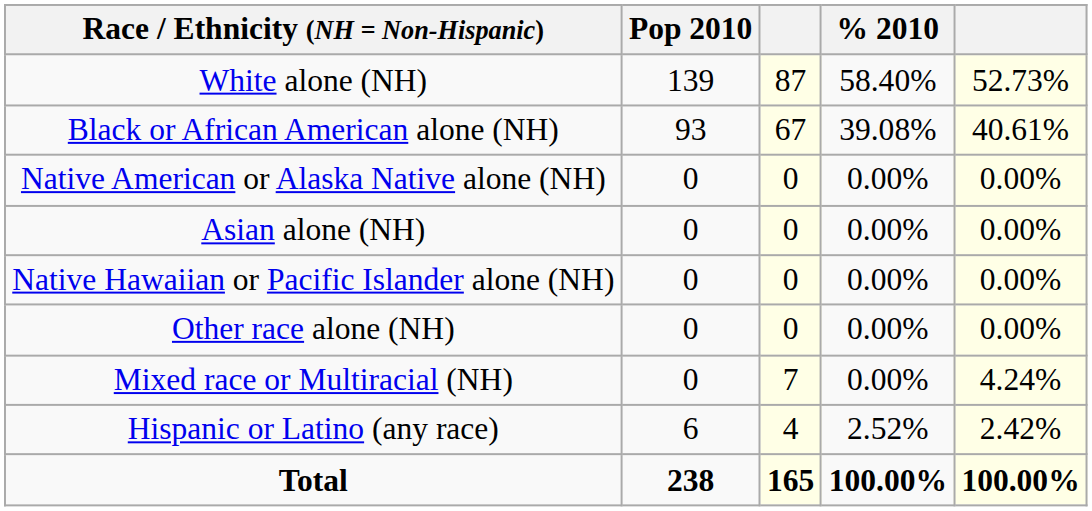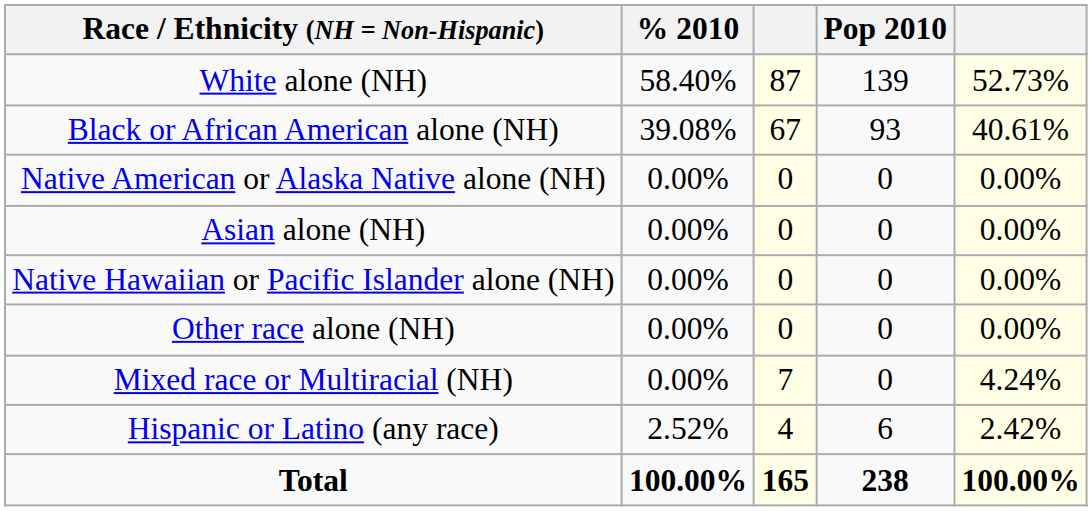 <table class="wikitable" style="text-align:center;">
 <tr>
 <th>Race / Ethnicity <small>(<em>NH = Non-Hispanic</em>)</small></th>
+<th>% 2010</th>
+<th></th>
 <th>Pop 2010</th>
-<th></th>
-<th>% 2010</th>
 <th></th>
 </tr>
 <tr>
 <td><a href='#'>White</a> alone (NH)</td>
+<td>58.40%</td>
+<td style='background: #ffffe6;'>87</td>
 <td>139</td>
-<td style='background: #ffffe6;'>87</td>
-<td>58.40%</td>
 <td style='background: #ffffe6;'>52.73%</td>
 </tr>
 <tr>
 <td><a href='#'>Black or African American</a> alone (NH)</td>
+<td>39.08%</td>
+<td style='background: #ffffe6;'>67</td>
 <td>93</td>
-<td style='background: #ffffe6;'>67</td>
-<td>39.08%</td>
 <td style='background: #ffffe6;'>40.61%</td>
 </tr>
 <tr>
 <td><a href='#'>Native American</a> or <a href='#'>Alaska Native</a> alone (NH)</td>
+<td>0.00%</td>
+<td style='background: #ffffe6;'>0</td>
 <td>0</td>
-<td style='background: #ffffe6;'>0</td>
-<td>0.00%</td>
 <td style='background: #ffffe6;'>0.00%</td>
 </tr>
 <tr>
 <td><a href='#'>Asian</a> alone (NH)</td>
+<td>0.00%</td>
+<td style='background: #ffffe6;'>0</td>
 <td>0</td>
-<td style='background: #ffffe6;'>0</td>
-<td>0.00%</td>
 <td style='background: #ffffe6;'>0.00%</td>
 </tr>
 <tr>
 <td><a href='#'>Native Hawaiian</a> or <a href='#'>Pacific Islander</a> alone (NH)</td>
+<td>0.00%</td>
+<td style='background: #ffffe6;'>0</td>
 <td>0</td>
-<td style='background: #ffffe6;'>0</td>
-<td>0.00%</td>
 <td style='background: #ffffe6;'>0.00%</td>
 </tr>
 <tr>
 <td><a href='#'>Other race</a> alone (NH)</td>
+<td>0.00%</td>
+<td style='background: #ffffe6;'>0</td>
 <td>0</td>
-<td style='background: #ffffe6;'>0</td>
-<td>0.00%</td>
 <td style='background: #ffffe6;'>0.00%</td>
 </tr>
 <tr>
 <td><a href='#'>Mixed race or Multiracial</a> (NH)</td>
+<td>0.00%</td>
+<td style='background: #ffffe6;'>7</td>
 <td>0</td>
-<td style='background: #ffffe6;'>7</td>
-<td>0.00%</td>
 <td style='background: #ffffe6;'>4.24%</td>
 </tr>
 <tr>
 <td><a href='#'>Hispanic or Latino</a> (any race)</td>
+<td>2.52%</td>
+<td style='background: #ffffe6;'>4</td>
 <td>6</td>
-<td style='background: #ffffe6;'>4</td>
-<td>2.52%</td>
 <td style='background: #ffffe6;'>2.42%</td>
 </tr>
 <tr>
 <td><strong>Total</strong></td>
+<td><strong>100.00%</strong></td>
+<td style='background: #ffffe6;'><strong>165</strong></td>
 <td><strong>238</strong></td>
-<td style='background: #ffffe6;'><strong>165</strong></td>
-<td><strong>100.00%</strong></td>
 <td style='background: #ffffe6;'><strong>100.00%</strong></td>
 </tr>
 </table>
